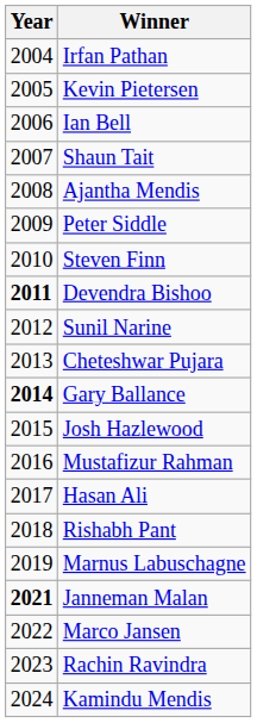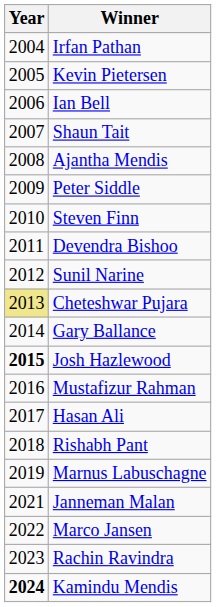 <table class="wikitable">
 <tr>
 <th>Year</th>
 <th>Winner</th>
 </tr>
 <tr>
 <td>2004</td>
 <td> <a href='#'>Irfan Pathan</a></td>
 </tr>
 <tr>
 <td>2005</td>
 <td> <a href='#'>Kevin Pietersen</a></td>
 </tr>
 <tr>
 <td>2006</td>
 <td> <a href='#'>Ian Bell</a></td>
 </tr>
 <tr>
 <td>2007</td>
 <td> <a href='#'>Shaun Tait</a></td>
 </tr>
 <tr>
 <td>2008</td>
 <td> <a href='#'>Ajantha Mendis</a></td>
 </tr>
 <tr>
 <td>2009</td>
 <td> <a href='#'>Peter Siddle</a></td>
 </tr>
 <tr>
 <td>2010</td>
 <td> <a href='#'>Steven Finn</a></td>
 </tr>
 <tr>
-<td><strong>2011</strong></td>
+<td>2011</td>
 <td> <a href='#'>Devendra Bishoo</a></td>
 </tr>
 <tr>
 <td>2012</td>
 <td> <a href='#'>Sunil Narine</a></td>
 </tr>
 <tr>
-<td>2013</td>
+<td style="background: khaki;">2013</td>
 <td> <a href='#'>Cheteshwar Pujara</a></td>
 </tr>
 <tr>
-<td><strong>2014</strong></td>
+<td>2014</td>
 <td> <a href='#'>Gary Ballance</a></td>
 </tr>
 <tr>
-<td>2015</td>
+<td><strong>2015</strong></td>
 <td> <a href='#'>Josh Hazlewood</a></td>
 </tr>
 <tr>
 <td>2016</td>
 <td> <a href='#'>Mustafizur Rahman</a></td>
 </tr>
 <tr>
 <td>2017</td>
 <td> <a href='#'>Hasan Ali</a></td>
 </tr>
 <tr>
 <td>2018</td>
 <td> <a href='#'>Rishabh Pant</a></td>
 </tr>
 <tr>
 <td>2019</td>
 <td> <a href='#'>Marnus Labuschagne</a></td>
 </tr>
 <tr>
-<td><strong>2021</strong></td>
+<td>2021</td>
 <td> <a href='#'>Janneman Malan</a></td>
 </tr>
 <tr>
 <td>2022</td>
 <td> <a href='#'>Marco Jansen</a></td>
 </tr>
 <tr>
 <td>2023</td>
 <td> <a href='#'>Rachin Ravindra</a></td>
 </tr>
 <tr>
-<td>2024</td>
+<td><strong>2024</strong></td>
 <td> <a href='#'>Kamindu Mendis</a></td>
 </tr>
 </table>
